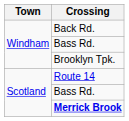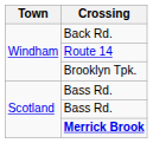 <table class="wikitable">
 <tr>
 <th>Town</th>
 <th>Crossing</th>
 </tr>
 <tr>
 <td rowspan="3"><a href='#'>Windham</a></td>
 <td>Back Rd.</td>
 </tr>
 <tr>
-<td>Bass Rd.</td>
+<td> <a href='#'>Route 14</a></td>
 </tr>
 <tr>
 <td>Brooklyn Tpk.</td>
 </tr>
 <tr>
 <td rowspan="3"><a href='#'>Scotland</a></td>
-<td> <a href='#'>Route 14</a></td>
+<td>Bass Rd.</td>
 </tr>
 <tr>
 <td>Bass Rd.</td>
 </tr>
 <tr>
 <td><strong><a href='#'>Merrick Brook</a></strong></td>
 </tr>
 </table>
